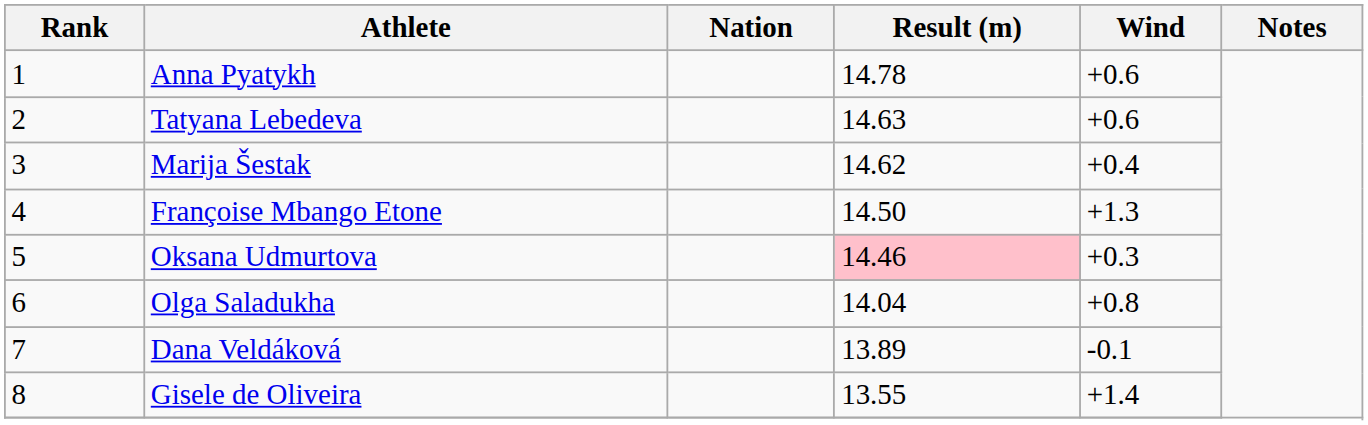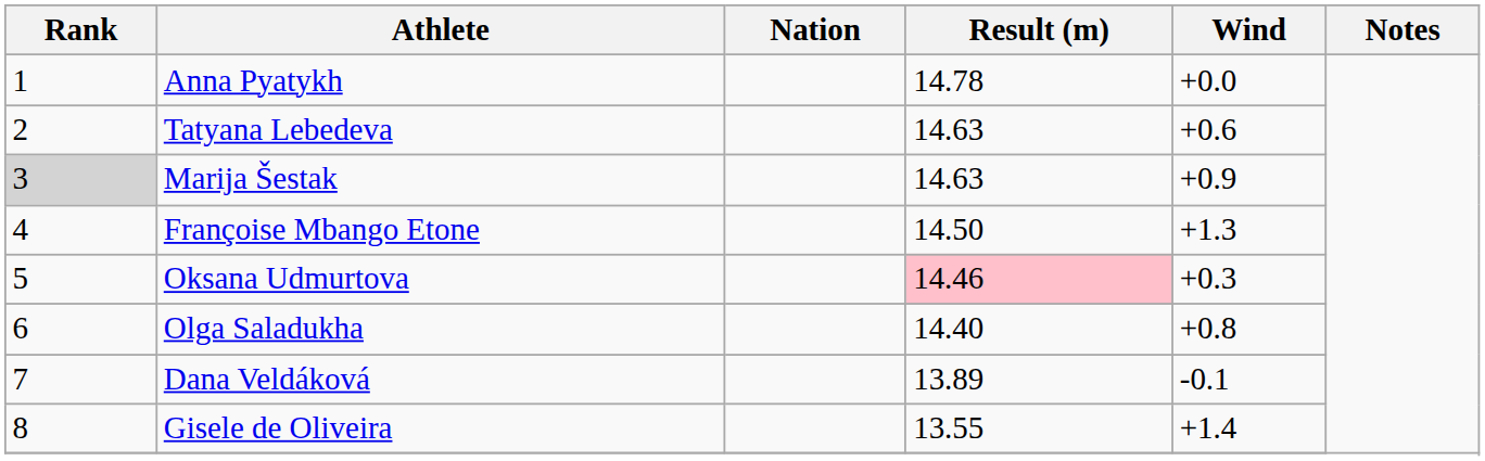 <table class="wikitable" style="text=align:center;" width=85%>
 <tr>
 <th>Rank</th>
 <th>Athlete</th>
 <th>Nation</th>
 <th>Result (m)</th>
 <th>Wind</th>
 <th>Notes</th>
 </tr>
 <tr>
 <td>1</td>
 <td><a href='#'>Anna Pyatykh</a></td>
 <td></td>
 <td>14.78</td>
-<td>+0.6</td>
+<td>+0.0</td>
 </tr>
 <tr>
 <td>2</td>
 <td><a href='#'>Tatyana Lebedeva</a></td>
 <td></td>
 <td>14.63</td>
 <td>+0.6</td>
 </tr>
 <tr>
-<td>3</td>
+<td style="background: lightgrey;">3</td>
 <td><a href='#'>Marija Šestak</a></td>
 <td></td>
-<td>14.62</td>
-<td>+0.4</td>
+<td>14.63</td>
+<td>+0.9</td>
 </tr>
 <tr>
 <td>4</td>
 <td><a href='#'>Françoise Mbango Etone</a></td>
 <td></td>
 <td>14.50</td>
 <td>+1.3</td>
 </tr>
 <tr>
 <td>5</td>
 <td><a href='#'>Oksana Udmurtova</a></td>
 <td></td>
 <td style="background: pink;">14.46</td>
 <td>+0.3</td>
 </tr>
 <tr>
 <td>6</td>
 <td><a href='#'>Olga Saladukha</a></td>
 <td></td>
-<td>14.04</td>
+<td>14.40</td>
 <td>+0.8</td>
 </tr>
 <tr>
 <td>7</td>
 <td><a href='#'>Dana Veldáková</a></td>
 <td></td>
 <td>13.89</td>
 <td>-0.1</td>
 </tr>
 <tr>
 <td>8</td>
 <td><a href='#'>Gisele de Oliveira</a></td>
 <td></td>
 <td>13.55</td>
 <td>+1.4</td>
 </tr>
 <tr>
 </tr>
 </table>
